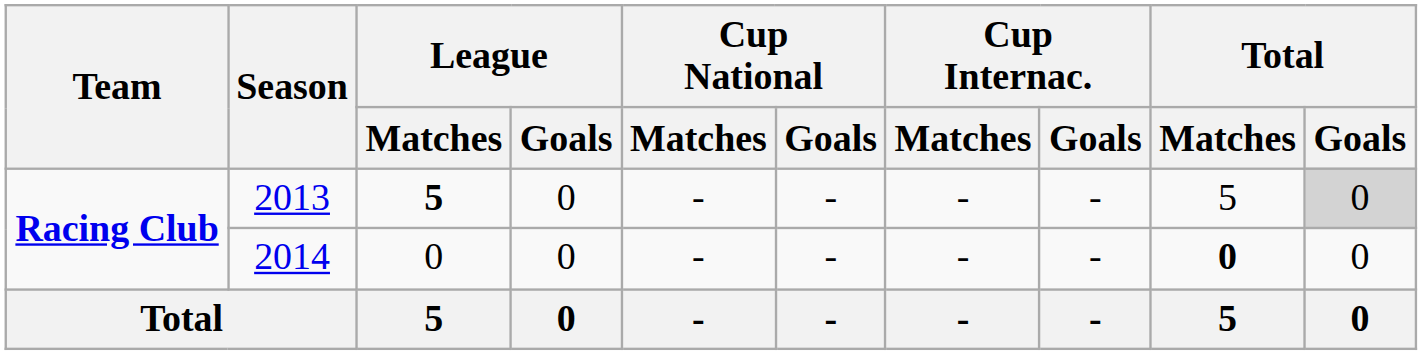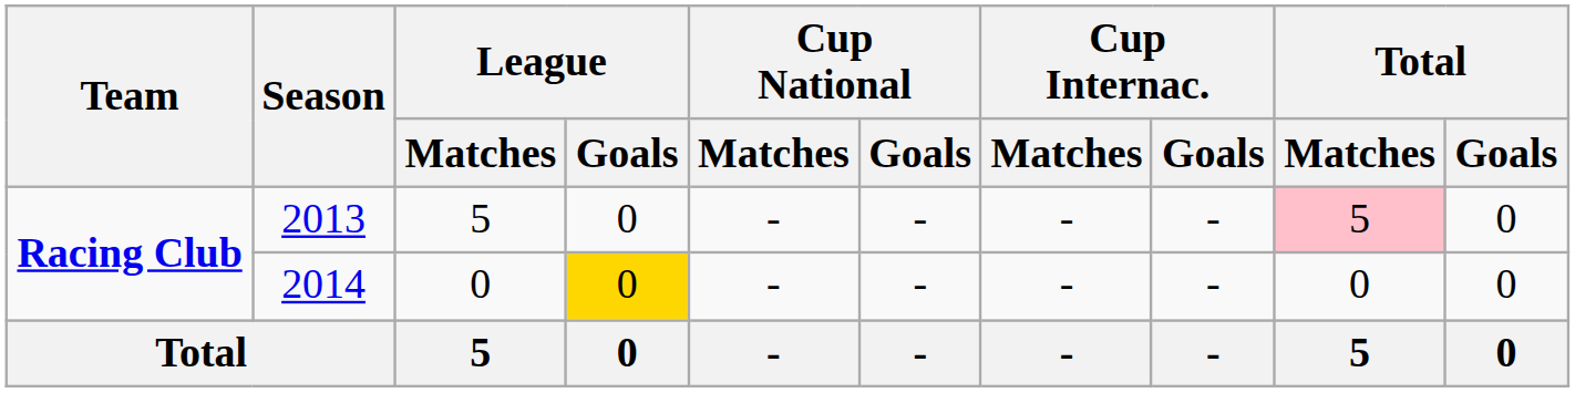 <table class="wikitable" style="text-align: center; margin:1em auto;">
 <tr>
 <th rowspan="2">Team</th>
 <th rowspan="2">Season</th>
 <th colspan="2">League</th>
 <th colspan="2">Cup<br>National</th>
 <th colspan="2">Cup<br>Internac.</th>
 <th colspan="2">Total</th>
 </tr>
 <tr>
 <th>Matches</th>
 <th>Goals</th>
 <th>Matches</th>
 <th>Goals</th>
 <th>Matches</th>
 <th>Goals</th>
 <th>Matches</th>
 <th>Goals</th>
 </tr>
 <tr>
 <td rowspan="2" valign="center"><strong><a href='#'>Racing Club</a></strong></td>
 <td><a href='#'>2013</a></td>
-<td><strong>5</strong></td>
+<td>5</td>
 <td>0</td>
 <td>-</td>
 <td>-</td>
 <td>-</td>
 <td>-</td>
-<td>5</td>
-<td style="background: lightgrey;">0</td>
+<td style="background: pink;">5</td>
+<td>0</td>
 </tr>
 <tr>
 <td><a href='#'>2014</a></td>
 <td>0</td>
-<td>0</td>
+<td style="background: gold;">0</td>
 <td>-</td>
 <td>-</td>
 <td>-</td>
 <td>-</td>
-<td><strong>0</strong></td>
+<td>0</td>
 <td>0</td>
 </tr>
 <tr>
 <th colspan="2">Total</th>
 <th>5</th>
 <th>0</th>
 <th>-</th>
 <th>-</th>
 <th>-</th>
 <th>-</th>
 <th>5</th>
 <th>0</th>
 </tr>
 </table>
